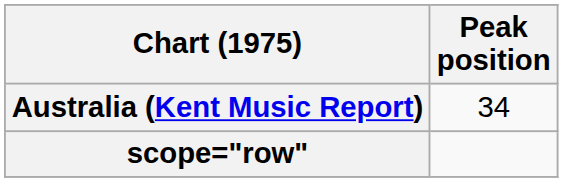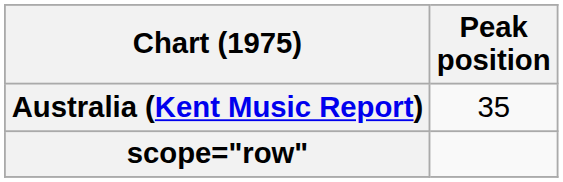 <table class="wikitable sortable plainrowheaders">
 <tr>
 <th scope="col">Chart (1975)</th>
 <th scope="col">Peak<br>position</th>
 </tr>
 <tr>
 <th scope="row">Australia (<a href='#'>Kent Music Report</a>)</th>
-<td style="text-align:center;">34</td>
+<td style="text-align:center;">35</td>
 </tr>
 <tr>
 <th>scope="row"</th>
 </tr>
 </table>
